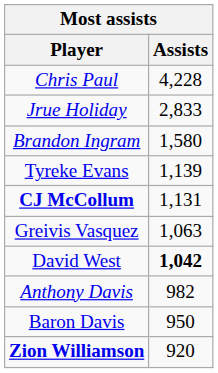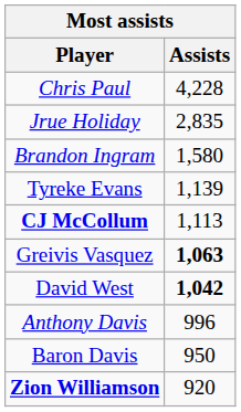 <table class="wikitable sortable" style="text-align:center">
 <tr>
 <th colspan="5">Most assists</th>
 </tr>
 <tr>
 <th>Player</th>
 <th>Assists</th>
 </tr>
 <tr>
 <td><em><a href='#'>Chris Paul</a></em></td>
 <td>4,228</td>
 </tr>
 <tr>
 <td><em><a href='#'>Jrue Holiday</a></em></td>
-<td>2,833</td>
+<td>2,835</td>
 </tr>
 <tr>
 <td><em><a href='#'>Brandon Ingram</a></em></td>
 <td>1,580</td>
 </tr>
 <tr>
 <td><a href='#'>Tyreke Evans</a></td>
 <td>1,139</td>
 </tr>
 <tr>
 <td><strong><a href='#'>CJ McCollum</a></strong></td>
-<td>1,131</td>
+<td>1,113</td>
 </tr>
 <tr>
 <td><a href='#'>Greivis Vasquez</a></td>
-<td>1,063</td>
+<td><strong>1,063</strong></td>
 </tr>
 <tr>
 <td><a href='#'>David West</a></td>
 <td><strong>1,042</strong></td>
 </tr>
 <tr>
 <td><em><a href='#'>Anthony Davis</a></em></td>
-<td>982</td>
+<td>996</td>
 </tr>
 <tr>
 <td><a href='#'>Baron Davis</a></td>
 <td>950</td>
 </tr>
 <tr>
 <td><strong><a href='#'>Zion Williamson</a></strong></td>
 <td>920</td>
 </tr>
 </table>
